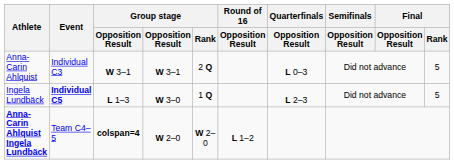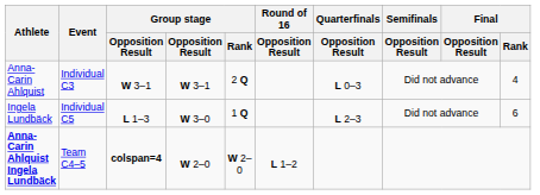 <table class=wikitable style="font-size:90%">
 <tr>
 <th rowspan="2">Athlete</th>
 <th rowspan="2">Event</th>
 <th colspan="3">Group stage</th>
 <th>Round of 16</th>
 <th>Quarterfinals</th>
 <th>Semifinals</th>
 <th colspan="2">Final</th>
 </tr>
 <tr>
 <th>Opposition<br>Result</th>
 <th>Opposition<br>Result</th>
 <th>Rank</th>
 <th>Opposition<br>Result</th>
 <th>Opposition<br>Result</th>
 <th>Opposition<br>Result</th>
 <th>Opposition<br>Result</th>
 <th>Rank</th>
 </tr>
 <tr align=center>
 <td align=left><a href='#'>Anna-Carin Ahlquist</a></td>
 <td align=left><a href='#'>Individual C3</a></td>
 <td><br><strong>W</strong> 3–1</td>
 <td><br><strong>W</strong> 3–1</td>
 <td>2 <strong>Q</strong></td>
 <td></td>
 <td><br><strong>L</strong> 0–3</td>
 <td colspan=2>Did not advance</td>
-<td>5</td>
+<td>4</td>
 </tr>
 <tr align=center>
 <td align=left><a href='#'>Ingela Lundbäck</a></td>
-<td align=left><strong><a href='#'>Individual C5</a></strong></td>
+<td align=left><a href='#'>Individual C5</a></td>
 <td><br><strong>L</strong> 1–3</td>
 <td><br><strong>W</strong> 3–0</td>
 <td>1 <strong>Q</strong></td>
 <td></td>
 <td><br><strong>L</strong> 2–3</td>
 <td colspan=2>Did not advance</td>
-<td>5</td>
+<td>6</td>
 </tr>
 <tr align=center>
 <td align=left><strong><a href='#'>Anna-Carin Ahlquist</a><br><a href='#'>Ingela Lundbäck</a></strong></td>
 <td align=left><a href='#'>Team C4–5</a></td>
 <td><strong>colspan=4 </strong></td>
 <td><br><strong>W</strong> 2–0</td>
 <td><br><strong>W</strong> 2–0</td>
 <td><br><strong>L</strong> 1–2</td>
 <td></td>
 </tr>
 </table>
